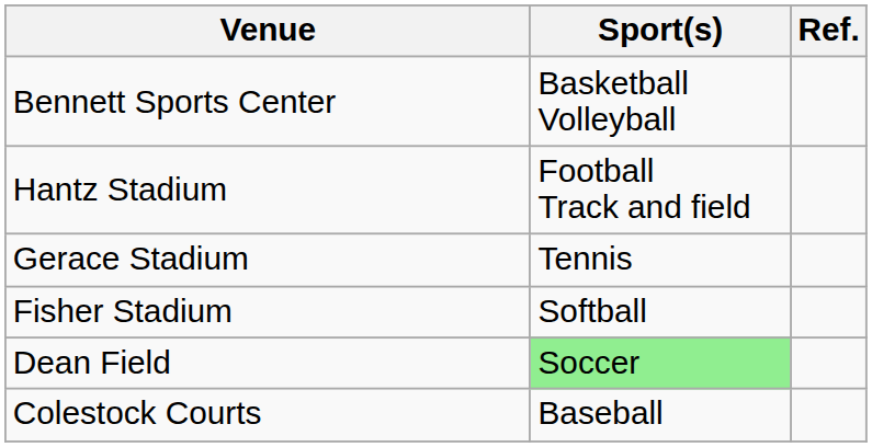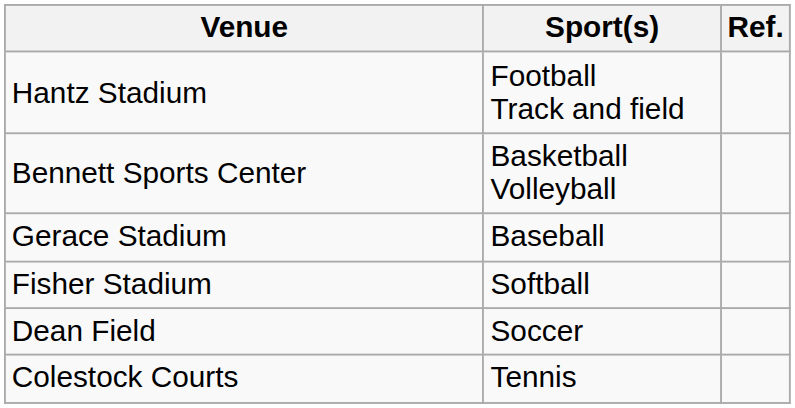 <table class="wikitable"; style= "text-align: ">
 <tr>
 <th width=250px>Venue</th>
 <th width=120px>Sport(s)</th>
 <th width=px>Ref.</th>
 </tr>
 <tr>
+<td>Hantz Stadium</td>
+<td>Football<br> Track and field</td>
+<td></td>
+</tr>
+<tr>
 <td>Bennett Sports Center</td>
 <td>Basketball <br> Volleyball</td>
 <td></td>
 </tr>
 <tr>
-<td>Hantz Stadium</td>
-<td>Football<br> Track and field</td>
-<td></td>
-</tr>
-<tr>
 <td>Gerace Stadium</td>
-<td>Tennis</td>
+<td>Baseball</td>
 <td></td>
 </tr>
 <tr>
 <td>Fisher Stadium</td>
 <td>Softball</td>
 <td></td>
 </tr>
 <tr>
 <td>Dean Field</td>
-<td style="background: lightgreen;">Soccer</td>
+<td>Soccer</td>
 <td></td>
 </tr>
 <tr>
 <td>Colestock Courts</td>
-<td>Baseball</td>
+<td>Tennis</td>
 <td></td>
 </tr>
 </table>
